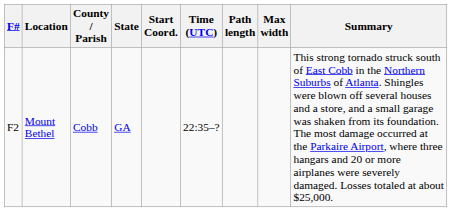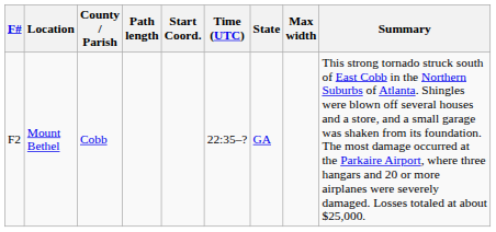 <table class="wikitable sortable" style="width:100%;">
 <tr>
 <th scope="col"  style="width:3%; text-align:center;"><a href='#'>F#</a></th>
 <th scope="col"  style="width:7%; text-align:center;" class="unsortable">Location</th>
 <th scope="col"  style="width:6%; text-align:center;" class="unsortable">County / Parish</th>
-<th scope="col"  style="width:5%; text-align:center;">State</th>
+<th scope="col"  style="width:6%; text-align:center;">Path length</th>
 <th scope="col"  style="width:6%; text-align:center;">Start Coord.</th>
 <th scope="col"  style="width:6%; text-align:center;">Time (<a href='#'>UTC</a>)</th>
-<th scope="col"  style="width:6%; text-align:center;">Path length</th>
+<th scope="col"  style="width:5%; text-align:center;">State</th>
 <th scope="col"  style="width:6%; text-align:center;">Max width</th>
 <th scope="col" class="unsortable" style="width:48%; text-align:center;">Summary</th>
 </tr>
 <tr>
 <td>F2</td>
 <td><a href='#'>Mount Bethel</a></td>
 <td><a href='#'>Cobb</a></td>
-<td><a href='#'>GA</a></td>
+<td></td>
 <td></td>
 <td>22:35–?</td>
-<td></td>
+<td><a href='#'>GA</a></td>
 <td></td>
 <td>This strong tornado struck south of <a href='#'>East Cobb</a> in the <a href='#'>Northern Suburbs</a> of <a href='#'>Atlanta</a>. Shingles were blown off several houses and a store, and a small garage was shaken from its foundation. The most damage occurred at the <a href='#'>Parkaire Airport</a>, where three hangars and 20 or more airplanes were severely damaged. Losses totaled at about $25,000.</td>
 </tr>
 </table>
